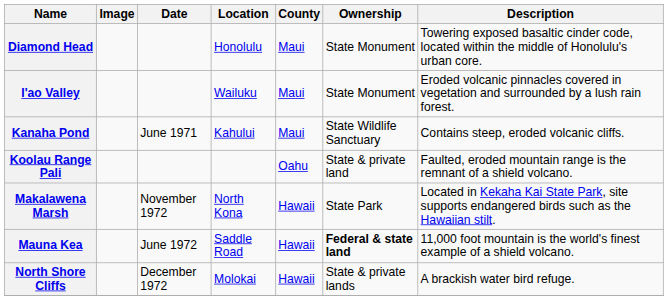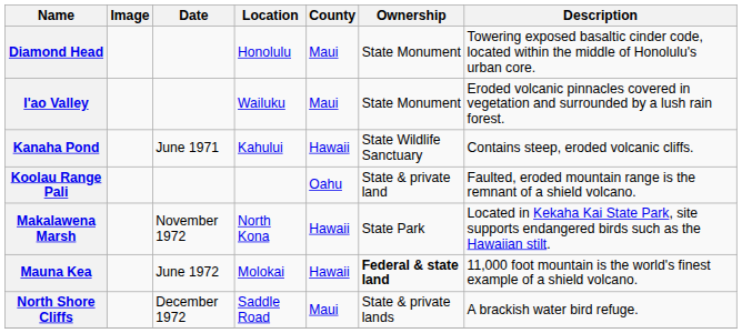 <table class="wikitable sortable" align="center">
 <tr>
 <th style="background-color:">Name</th>
 <th style="background-color:">Image</th>
 <th style="background-color:">Date</th>
 <th style="background-color:">Location</th>
 <th style="background-color:">County</th>
 <th style="background-color:">Ownership</th>
 <th style="background-color:">Description</th>
 </tr>
 <tr>
 <th><a href='#'>Diamond Head</a></th>
 <td></td>
 <td></td>
 <td><a href='#'>Honolulu</a></td>
 <td><a href='#'>Maui</a></td>
 <td>State Monument</td>
 <td>Towering exposed basaltic cinder code, located within the middle of Honolulu's urban core.</td>
 </tr>
 <tr>
 <th><a href='#'>I'ao Valley</a></th>
 <td></td>
 <td></td>
 <td><a href='#'>Wailuku</a></td>
 <td><a href='#'>Maui</a></td>
 <td>State Monument</td>
 <td>Eroded volcanic pinnacles covered in vegetation and surrounded by a lush rain forest.</td>
 </tr>
 <tr>
 <th><a href='#'>Kanaha Pond</a></th>
 <td></td>
 <td>June 1971</td>
 <td><a href='#'>Kahului</a></td>
-<td><a href='#'>Maui</a></td>
+<td><a href='#'>Hawaii</a></td>
 <td>State Wildlife Sanctuary</td>
 <td>Contains steep, eroded volcanic cliffs.</td>
 </tr>
 <tr>
 <th><a href='#'>Koolau Range Pali</a></th>
 <td></td>
 <td></td>
 <td></td>
 <td><a href='#'>Oahu</a></td>
 <td>State & private land</td>
 <td>Faulted, eroded mountain range is the remnant of a shield volcano.</td>
 </tr>
 <tr>
 <th><a href='#'>Makalawena Marsh</a></th>
 <td></td>
 <td>November 1972</td>
 <td><a href='#'>North Kona</a></td>
 <td><a href='#'>Hawaii</a></td>
 <td>State Park</td>
 <td>Located in <a href='#'>Kekaha Kai State Park</a>, site supports endangered birds such as the <a href='#'>Hawaiian stilt</a>.</td>
 </tr>
 <tr>
 <th><a href='#'>Mauna Kea</a></th>
 <td></td>
 <td>June 1972</td>
-<td><a href='#'>Saddle Road</a></td>
+<td><a href='#'>Molokai</a></td>
 <td><a href='#'>Hawaii</a></td>
 <td><strong>Federal & state land</strong></td>
 <td>11,000 foot mountain is the world's finest example of a shield volcano.</td>
 </tr>
 <tr>
 <th><a href='#'>North Shore Cliffs</a></th>
 <td></td>
 <td>December 1972</td>
-<td><a href='#'>Molokai</a></td>
-<td><a href='#'>Hawaii</a></td>
+<td><a href='#'>Saddle Road</a></td>
+<td><a href='#'>Maui</a></td>
 <td>State & private lands</td>
 <td>A brackish water bird refuge.</td>
 </tr>
 <tr>
 </tr>
 </table>
